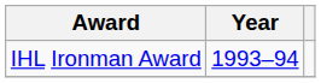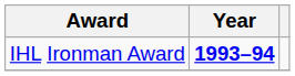 <table class="wikitable">
 <tr>
 <th>Award</th>
 <th>Year</th>
 <th></th>
 </tr>
 <tr>
 <td><a href='#'>IHL</a> <a href='#'>Ironman Award</a></td>
-<td><a href='#'>1993–94</a></td>
+<td><strong><a href='#'>1993–94</a></strong></td>
 <td></td>
 </tr>
 <tr>
 </tr>
 </table>
